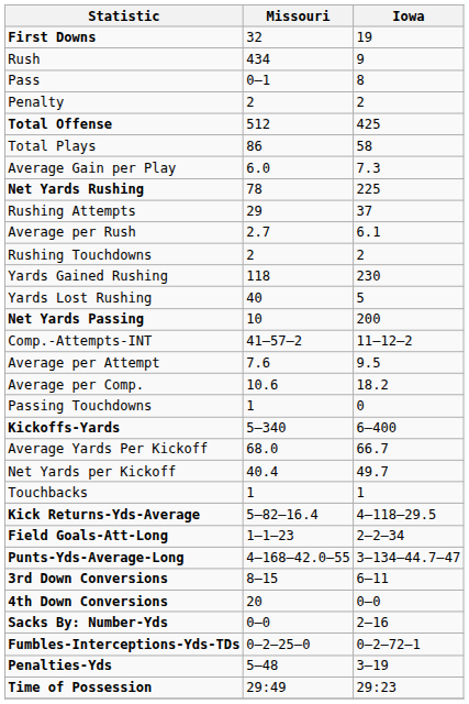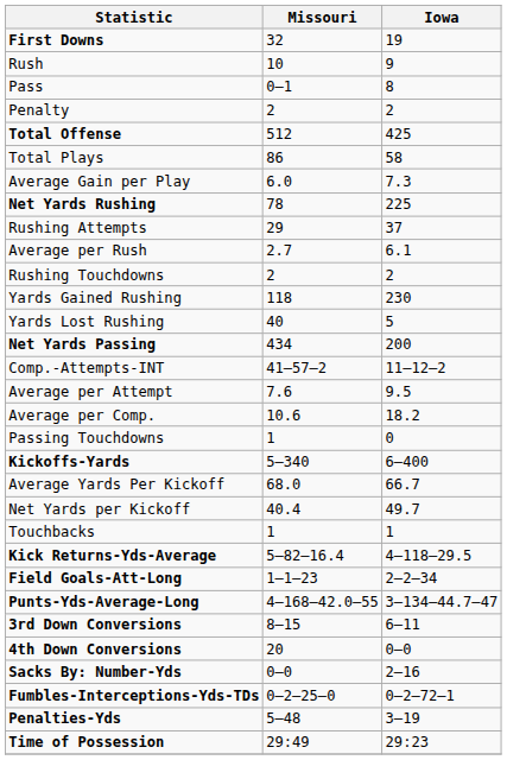 <table class="wikitable">
 <tr>
 <th>Statistic</th>
 <th><strong>Missouri</strong></th>
 <th><strong>Iowa</strong></th>
 </tr>
 <tr>
 <td><strong>First Downs</strong></td>
 <td>32</td>
 <td>19</td>
 </tr>
 <tr>
 <td>Rush</td>
-<td>434</td>
+<td>10</td>
 <td>9</td>
 </tr>
 <tr>
 <td>Pass</td>
 <td>0–1</td>
 <td>8</td>
 </tr>
 <tr>
 <td>Penalty</td>
 <td>2</td>
 <td>2</td>
 </tr>
 <tr>
 <td><strong>Total Offense</strong></td>
 <td>512</td>
 <td>425</td>
 </tr>
 <tr>
 <td>Total Plays</td>
 <td>86</td>
 <td>58</td>
 </tr>
 <tr>
 <td>Average Gain per Play</td>
 <td>6.0</td>
 <td>7.3</td>
 </tr>
 <tr>
 <td><strong>Net Yards Rushing</strong></td>
 <td>78</td>
 <td>225</td>
 </tr>
 <tr>
 <td>Rushing Attempts</td>
 <td>29</td>
 <td>37</td>
 </tr>
 <tr>
 <td>Average per Rush</td>
 <td>2.7</td>
 <td>6.1</td>
 </tr>
 <tr>
 <td>Rushing Touchdowns</td>
 <td>2</td>
 <td>2</td>
 </tr>
 <tr>
 <td>Yards Gained Rushing</td>
 <td>118</td>
 <td>230</td>
 </tr>
 <tr>
 <td>Yards Lost Rushing</td>
 <td>40</td>
 <td>5</td>
 </tr>
 <tr>
 <td><strong>Net Yards Passing</strong></td>
-<td>10</td>
+<td>434</td>
 <td>200</td>
 </tr>
 <tr>
 <td>Comp.-Attempts-INT</td>
 <td>41–57–2</td>
 <td>11–12–2</td>
 </tr>
 <tr>
 <td>Average per Attempt</td>
 <td>7.6</td>
 <td>9.5</td>
 </tr>
 <tr>
 <td>Average per Comp.</td>
 <td>10.6</td>
 <td>18.2</td>
 </tr>
 <tr>
 <td>Passing Touchdowns</td>
 <td>1</td>
 <td>0</td>
 </tr>
 <tr>
 <td><strong>Kickoffs-Yards</strong></td>
 <td>5–340</td>
 <td>6–400</td>
 </tr>
 <tr>
 <td>Average Yards Per Kickoff</td>
 <td>68.0</td>
 <td>66.7</td>
 </tr>
 <tr>
 <td>Net Yards per Kickoff</td>
 <td>40.4</td>
 <td>49.7</td>
 </tr>
 <tr>
 <td>Touchbacks</td>
 <td>1</td>
 <td>1</td>
 </tr>
 <tr>
 <td><strong>Kick Returns-Yds-Average</strong></td>
 <td>5–82–16.4</td>
 <td>4–118–29.5</td>
 </tr>
 <tr>
 <td><strong>Field Goals-Att-Long</strong></td>
 <td>1–1–23</td>
 <td>2–2–34</td>
 </tr>
 <tr>
 <td><strong>Punts-Yds-Average-Long</strong></td>
 <td>4–168–42.0–55</td>
 <td>3–134–44.7–47</td>
 </tr>
 <tr>
 <td><strong>3rd Down Conversions</strong></td>
 <td>8–15</td>
 <td>6–11</td>
 </tr>
 <tr>
 <td><strong>4th Down Conversions</strong></td>
 <td>20</td>
 <td>0–0</td>
 </tr>
 <tr>
 <td><strong>Sacks By: Number-Yds</strong></td>
 <td>0–0</td>
 <td>2–16</td>
 </tr>
 <tr>
 <td><strong>Fumbles-Interceptions-Yds-TDs</strong></td>
 <td>0–2–25–0</td>
 <td>0–2–72–1</td>
 </tr>
 <tr>
 <td><strong>Penalties-Yds</strong></td>
 <td>5–48</td>
 <td>3–19</td>
 </tr>
 <tr>
 <td><strong>Time of Possession</strong></td>
 <td>29:49</td>
 <td>29:23</td>
 </tr>
 <tr>
 </tr>
 </table>
